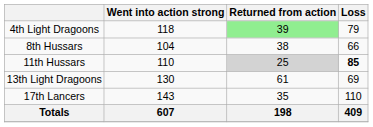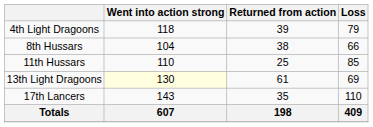 <table class=wikitable style="text-align: center;">
 <tr>
 <th></th>
 <th>Went into action strong</th>
 <th>Returned from action</th>
 <th>Loss</th>
 </tr>
 <tr>
 <td>4th Light Dragoons</td>
 <td>118</td>
-<td style="background: lightgreen;">39</td>
+<td>39</td>
 <td>79</td>
 </tr>
 <tr>
 <td>8th Hussars</td>
 <td>104</td>
 <td>38</td>
 <td>66</td>
 </tr>
 <tr>
 <td>11th Hussars</td>
 <td>110</td>
-<td style="background: lightgrey;">25</td>
-<td><strong>85</strong></td>
+<td>25</td>
+<td>85</td>
 </tr>
 <tr>
 <td>13th Light Dragoons</td>
-<td>130</td>
+<td style="background: lightyellow;">130</td>
 <td>61</td>
 <td>69</td>
 </tr>
 <tr>
 <td>17th Lancers</td>
 <td>143</td>
 <td>35</td>
 <td>110</td>
 </tr>
 <tr>
 <th>Totals</th>
 <th>607</th>
 <th>198</th>
 <th>409</th>
 </tr>
 <tr>
 </tr>
 </table>
